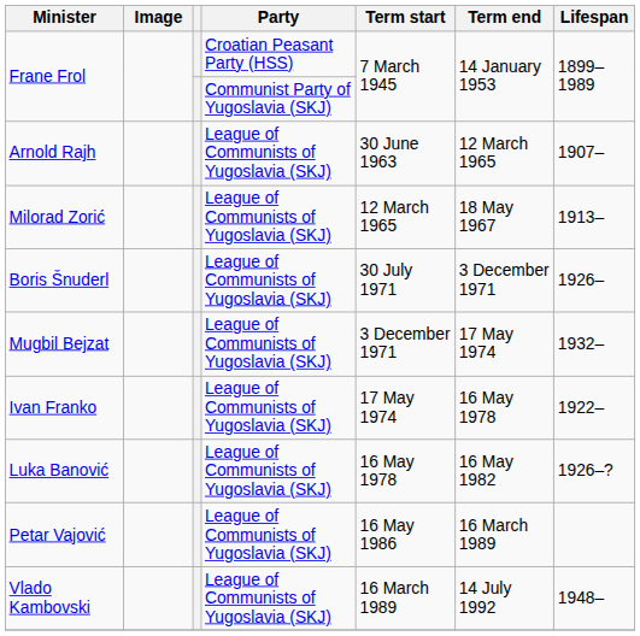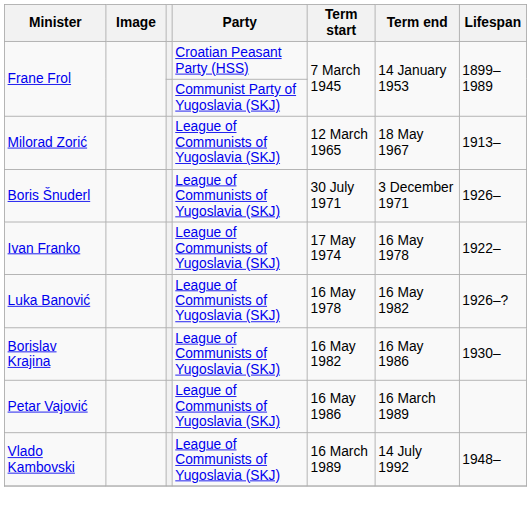 <table class="wikitable" style="text-align: left;">
 <tr>
 <th width="170">Minister</th>
 <th width="90">Image</th>
 <th></th>
 <th width="260">Party</th>
 <th width="120">Term start</th>
 <th width="120">Term end</th>
 <th width="80">Lifespan</th>
 </tr>
 <tr>
 <td rowspan="2"><a href='#'>Frane Frol</a></td>
 <td rowspan="2"></td>
 <th style="background:"></th>
 <td><a href='#'>Croatian Peasant Party (HSS)</a></td>
 <td rowspan="2">7 March 1945</td>
 <td rowspan="2">14 January 1953</td>
 <td rowspan="2">1899–1989</td>
 </tr>
 <tr>
 <th style="background:"></th>
 <td><a href='#'>Communist Party of Yugoslavia (SKJ)</a></td>
 </tr>
 <tr>
-<td><a href='#'>Arnold Rajh</a></td>
-<td></td>
-<th style="background:"></th>
-<td><a href='#'>League of Communists of Yugoslavia (SKJ)</a></td>
-<td>30 June 1963</td>
-<td>12 March 1965</td>
-<td>1907–</td>
-</tr>
-<tr>
 <td><a href='#'>Milorad Zorić</a></td>
 <td></td>
 <th style="background:"></th>
 <td><a href='#'>League of Communists of Yugoslavia (SKJ)</a></td>
 <td>12 March 1965</td>
 <td>18 May 1967</td>
 <td>1913–</td>
 </tr>
 <tr>
 <td><a href='#'>Boris Šnuderl</a></td>
 <td></td>
 <th style="background:"></th>
 <td><a href='#'>League of Communists of Yugoslavia (SKJ)</a></td>
 <td>30 July 1971</td>
 <td>3 December 1971</td>
 <td>1926–</td>
 </tr>
 <tr>
-<td><a href='#'>Mugbil Bejzat</a></td>
-<td></td>
-<th style="background:"></th>
-<td><a href='#'>League of Communists of Yugoslavia (SKJ)</a></td>
-<td>3 December 1971</td>
-<td>17 May 1974</td>
-<td>1932–</td>
-</tr>
-<tr>
 <td><a href='#'>Ivan Franko</a></td>
 <td></td>
 <th style="background:"></th>
 <td><a href='#'>League of Communists of Yugoslavia (SKJ)</a></td>
 <td>17 May 1974</td>
 <td>16 May 1978</td>
 <td>1922–</td>
 </tr>
 <tr>
 <td><a href='#'>Luka Banović</a></td>
 <td></td>
 <th style="background:"></th>
 <td><a href='#'>League of Communists of Yugoslavia (SKJ)</a></td>
 <td>16 May 1978</td>
 <td>16 May 1982</td>
 <td>1926–?</td>
+</tr>
+<tr>
+<td><a href='#'>Borislav Krajina</a></td>
+<td></td>
+<th style="background:"></th>
+<td><a href='#'>League of Communists of Yugoslavia (SKJ)</a></td>
+<td>16 May 1982</td>
+<td>16 May 1986</td>
+<td>1930–</td>
 </tr>
 <tr>
 <td><a href='#'>Petar Vajović</a></td>
 <td></td>
 <th style="background:"></th>
 <td><a href='#'>League of Communists of Yugoslavia (SKJ)</a></td>
 <td>16 May 1986</td>
 <td>16 March 1989</td>
 <td></td>
 </tr>
 <tr>
 <td><a href='#'>Vlado Kambovski</a></td>
 <td></td>
 <th style="background:"></th>
 <td><a href='#'>League of Communists of Yugoslavia (SKJ)</a></td>
 <td>16 March 1989</td>
 <td>14 July 1992</td>
 <td>1948–</td>
 </tr>
 <tr>
 </tr>
 </table>
